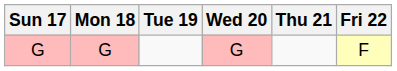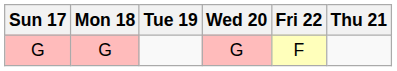 <table class="wikitable" style="margin:0.5em auto; font-size:90%; line-height:1.25em;text-align:center">
 <tr>
 <th>Sun 17</th>
 <th>Mon 18</th>
 <th>Tue 19</th>
 <th>Wed 20</th>
+<th>Fri 22</th>
 <th>Thu 21</th>
-<th>Fri 22</th>
 </tr>
 <tr>
 <td bgcolor="#FFBBBB">G</td>
 <td bgcolor="#FFBBBB">G</td>
 <td></td>
 <td bgcolor="#FFBBBB">G</td>
+<td bgcolor="#FFFFBB">F</td>
 <td></td>
-<td bgcolor="#FFFFBB">F</td>
 </tr>
 </table>
